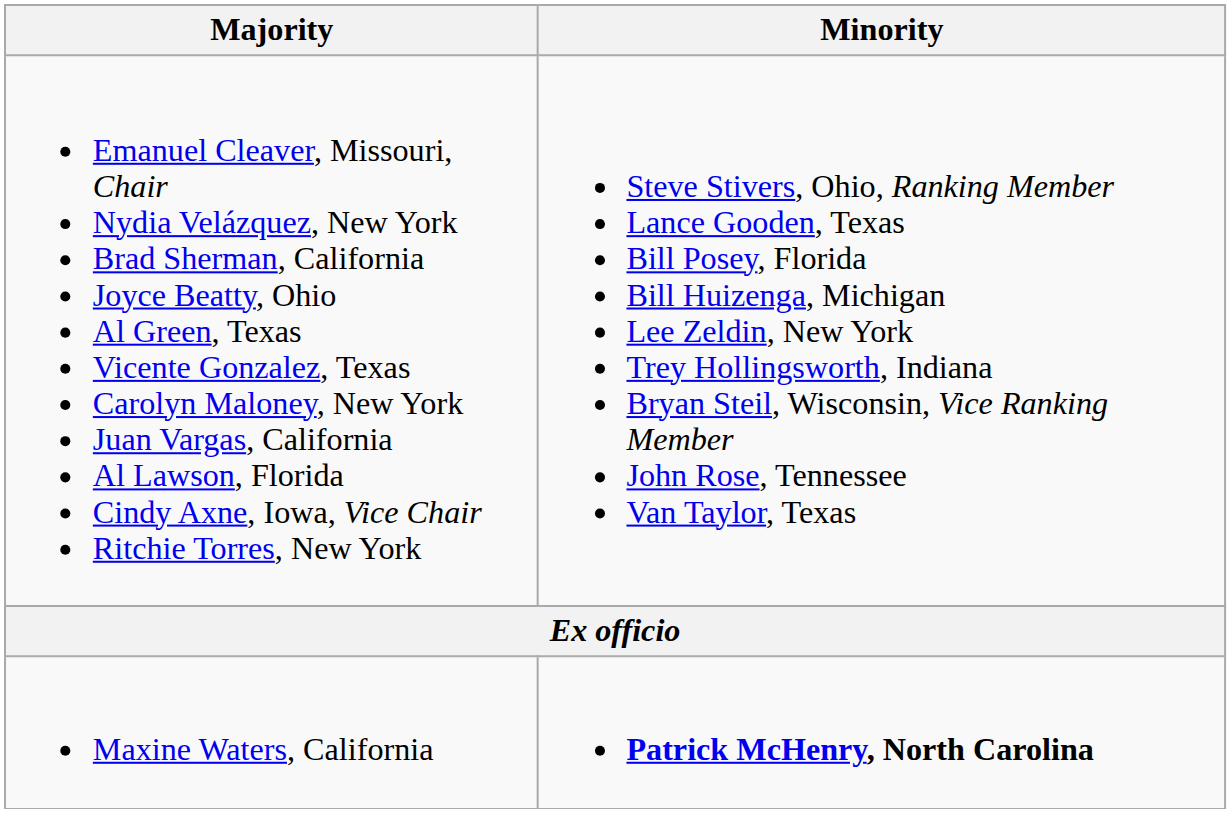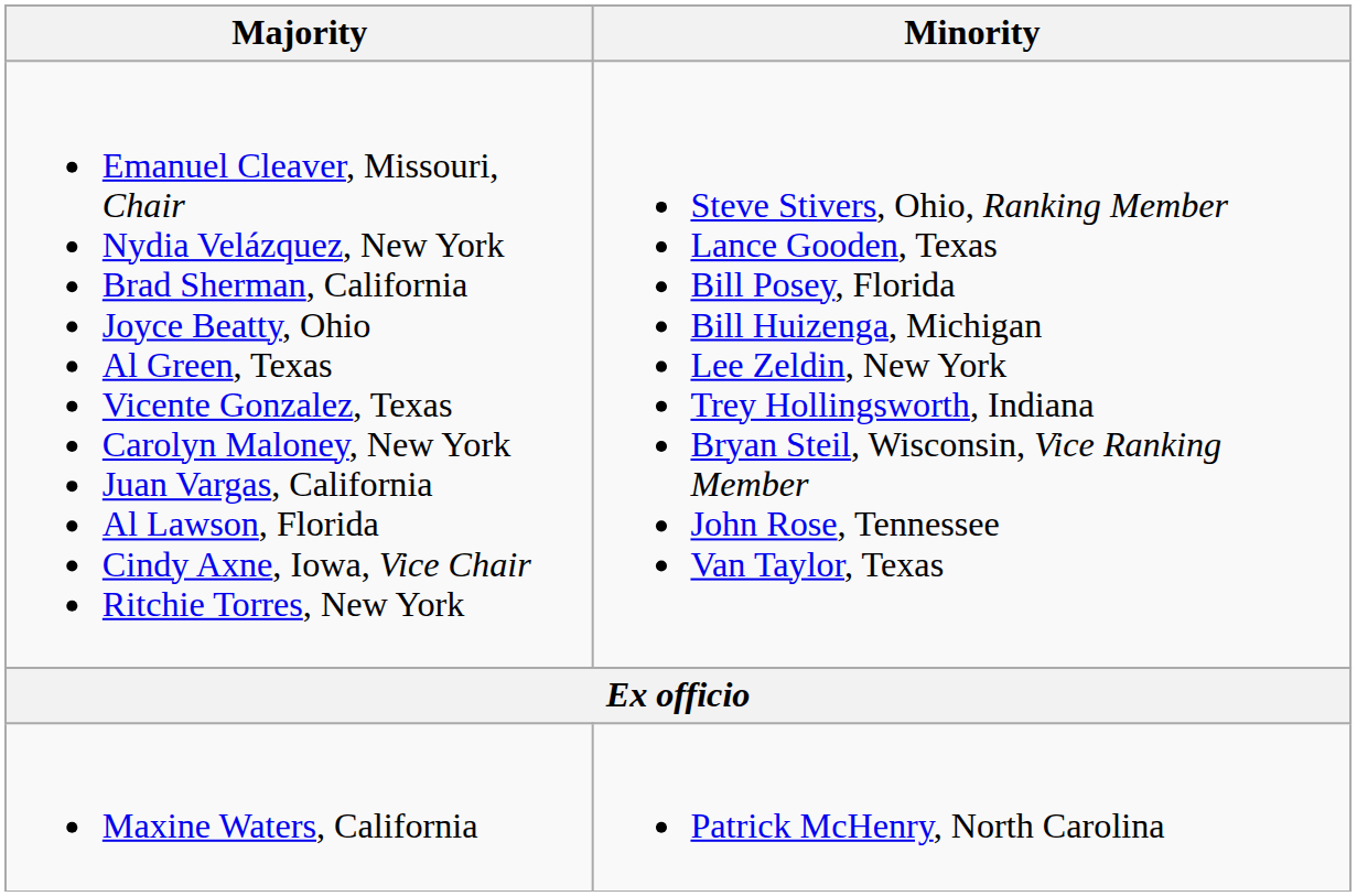 <table class=wikitable>
 <tr>
 <th>Majority</th>
 <th>Minority</th>
 </tr>
 <tr>
 <td><br><ul><li><a href='#'>Emanuel Cleaver</a>, Missouri, <em>Chair</em></li><li><a href='#'>Nydia Velázquez</a>, New York</li><li><a href='#'>Brad Sherman</a>, California</li><li><a href='#'>Joyce Beatty</a>, Ohio</li><li><a href='#'>Al Green</a>, Texas</li><li><a href='#'>Vicente Gonzalez</a>, Texas</li><li><a href='#'>Carolyn Maloney</a>, New York</li><li><a href='#'>Juan Vargas</a>, California</li><li><a href='#'>Al Lawson</a>, Florida</li><li><a href='#'>Cindy Axne</a>, Iowa, <em>Vice Chair</em></li><li><a href='#'>Ritchie Torres</a>, New York</li></ul></td>
 <td><br><ul><li><a href='#'>Steve Stivers</a>, Ohio, <em>Ranking Member</em></li><li><a href='#'>Lance Gooden</a>, Texas</li><li><a href='#'>Bill Posey</a>, Florida</li><li><a href='#'>Bill Huizenga</a>, Michigan</li><li><a href='#'>Lee Zeldin</a>, New York</li><li><a href='#'>Trey Hollingsworth</a>, Indiana</li><li><a href='#'>Bryan Steil</a>, Wisconsin, <em>Vice Ranking Member</em></li><li><a href='#'>John Rose</a>, Tennessee</li><li><a href='#'>Van Taylor</a>, Texas</li></ul></td>
 </tr>
 <tr>
 <th colspan=2><em>Ex officio</em></th>
 </tr>
 <tr>
 <td><br><ul><li><a href='#'>Maxine Waters</a>, California</li></ul></td>
-<td><strong><br><ul><li><a href='#'>Patrick McHenry</a>, North Carolina</li></ul></strong></td>
+<td><br><ul><li><a href='#'>Patrick McHenry</a>, North Carolina</li></ul></td>
 </tr>
 </table>
